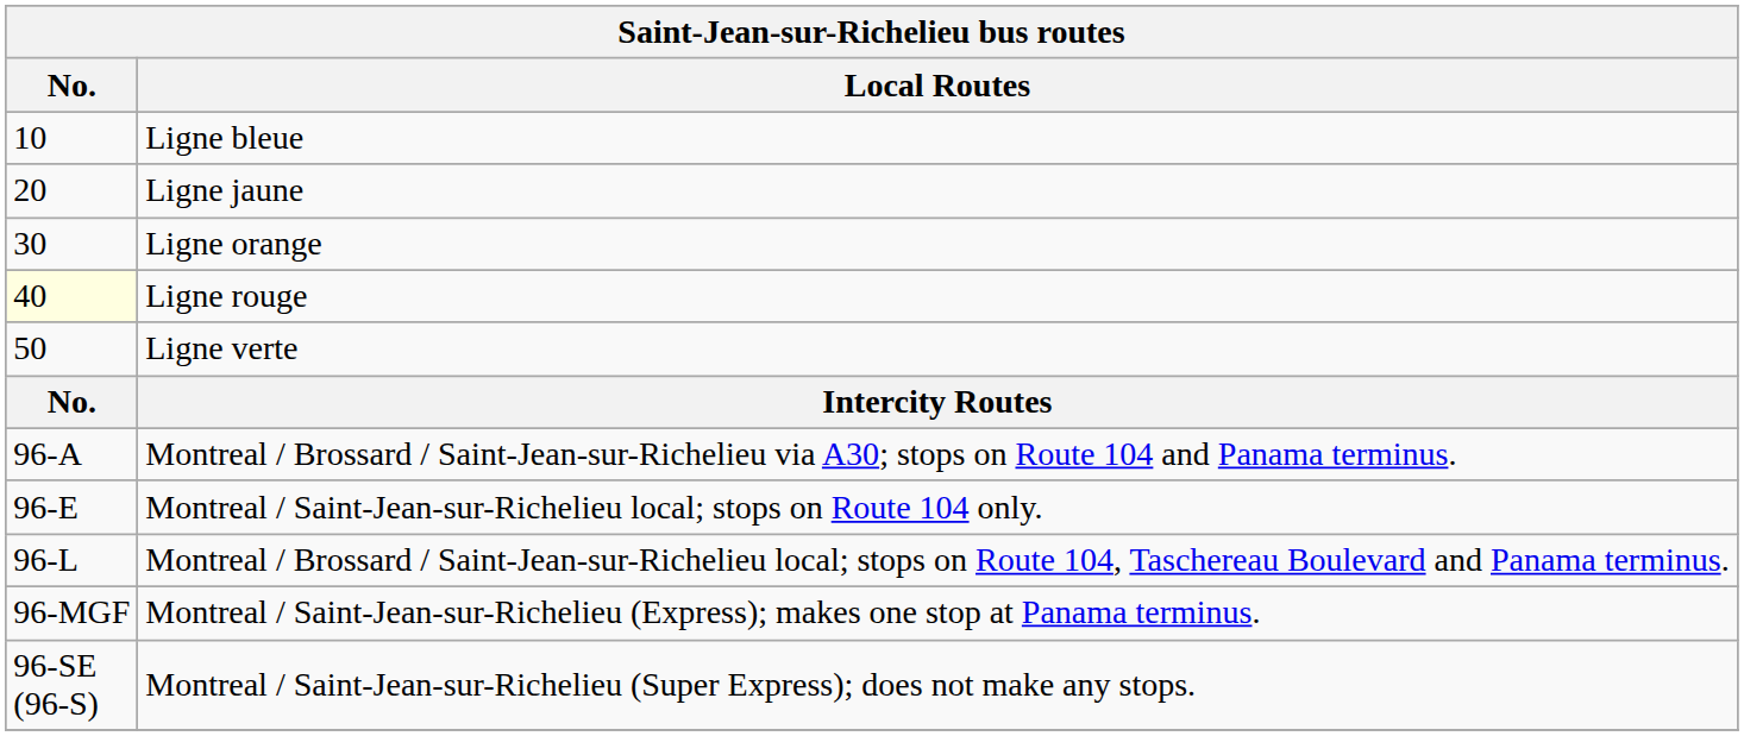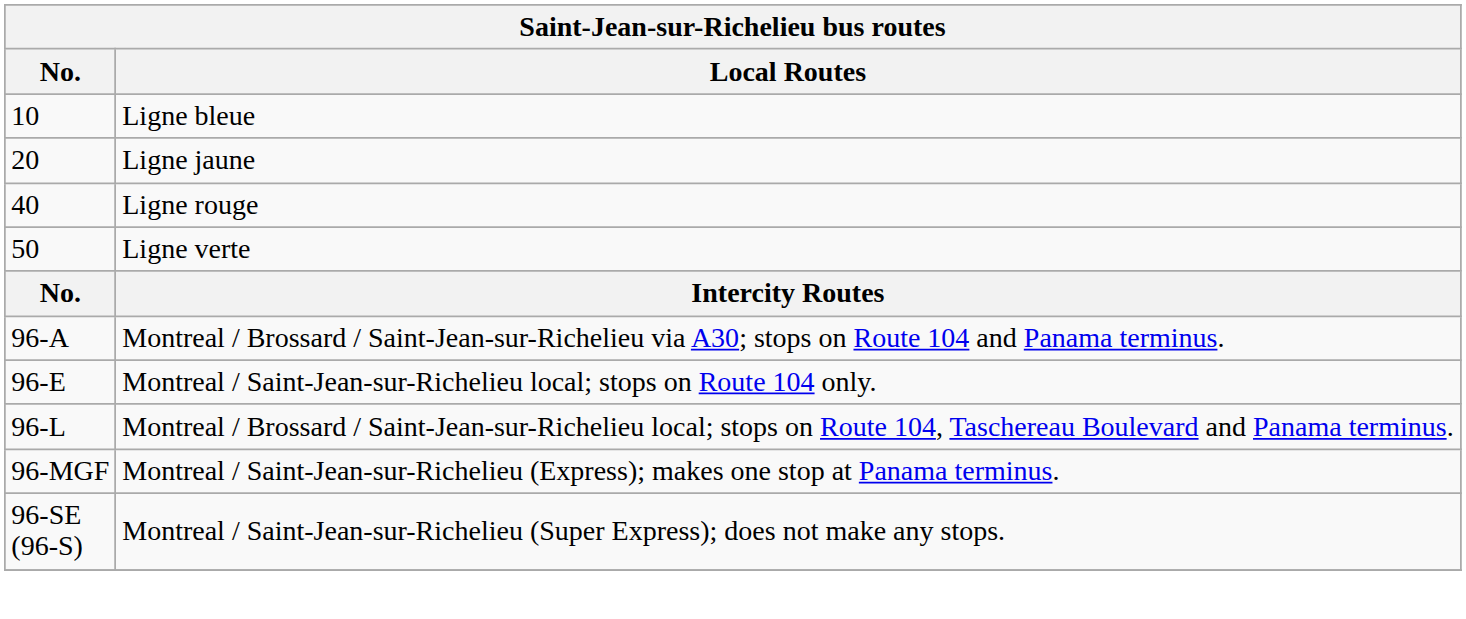 <table class="wikitable">
 <tr>
 <th colspan=2 style="background: #">Saint-Jean-sur-Richelieu bus routes</th>
 </tr>
 <tr>
 <th>No.</th>
 <th>Local Routes</th>
 </tr>
 <tr>
 <td>10</td>
 <td>Ligne bleue</td>
 </tr>
 <tr>
 <td>20</td>
 <td>Ligne jaune</td>
 </tr>
 <tr>
-<td>30</td>
-<td>Ligne orange</td>
-</tr>
-<tr>
-<td style="background: lightyellow;">40</td>
+<td>40</td>
 <td>Ligne rouge</td>
 </tr>
 <tr>
 <td>50</td>
 <td>Ligne verte</td>
 </tr>
 <tr>
 <th>No.</th>
 <th>Intercity Routes</th>
 </tr>
 <tr>
 <td>96-A</td>
 <td>Montreal / Brossard / Saint-Jean-sur-Richelieu via <a href='#'>A30</a>; stops on <a href='#'>Route 104</a> and <a href='#'>Panama terminus</a>.</td>
 </tr>
 <tr>
 <td>96-E</td>
 <td>Montreal / Saint-Jean-sur-Richelieu local; stops on <a href='#'>Route 104</a> only.</td>
 </tr>
 <tr>
 <td>96-L</td>
 <td>Montreal / Brossard / Saint-Jean-sur-Richelieu local; stops on <a href='#'>Route 104</a>, <a href='#'>Taschereau Boulevard</a> and <a href='#'>Panama terminus</a>.</td>
 </tr>
 <tr>
 <td>96-MGF</td>
 <td>Montreal / Saint-Jean-sur-Richelieu (Express); makes one stop at <a href='#'>Panama terminus</a>.</td>
 </tr>
 <tr>
 <td>96-SE<br>(96-S)</td>
 <td>Montreal / Saint-Jean-sur-Richelieu (Super Express); does not make any stops.</td>
 </tr>
 <tr>
 </tr>
 </table>
